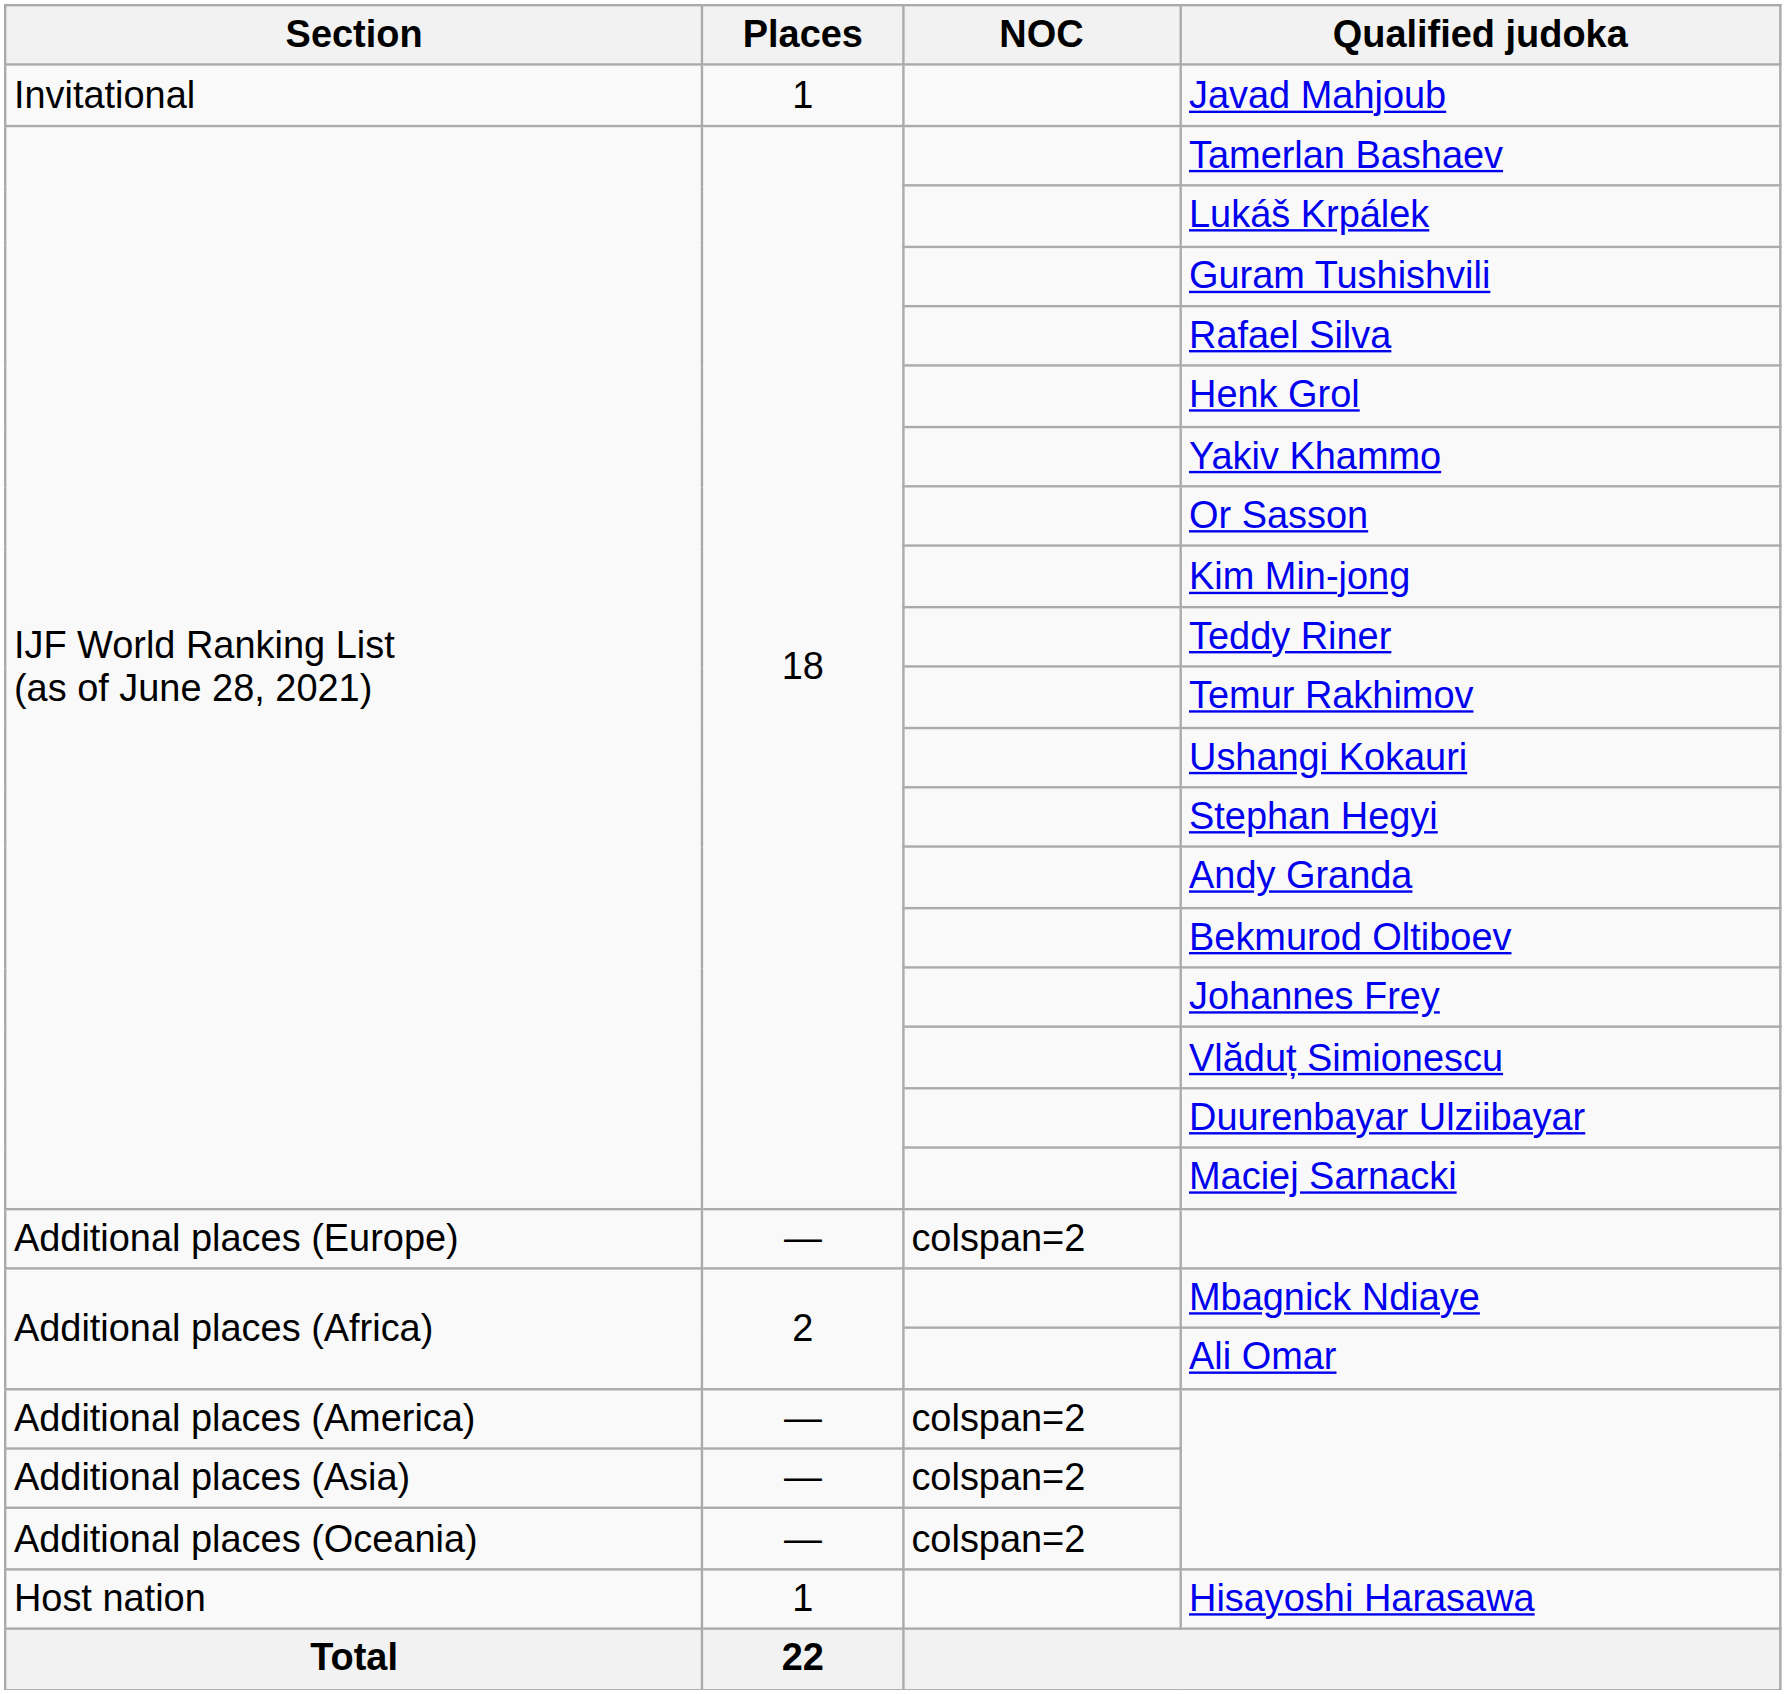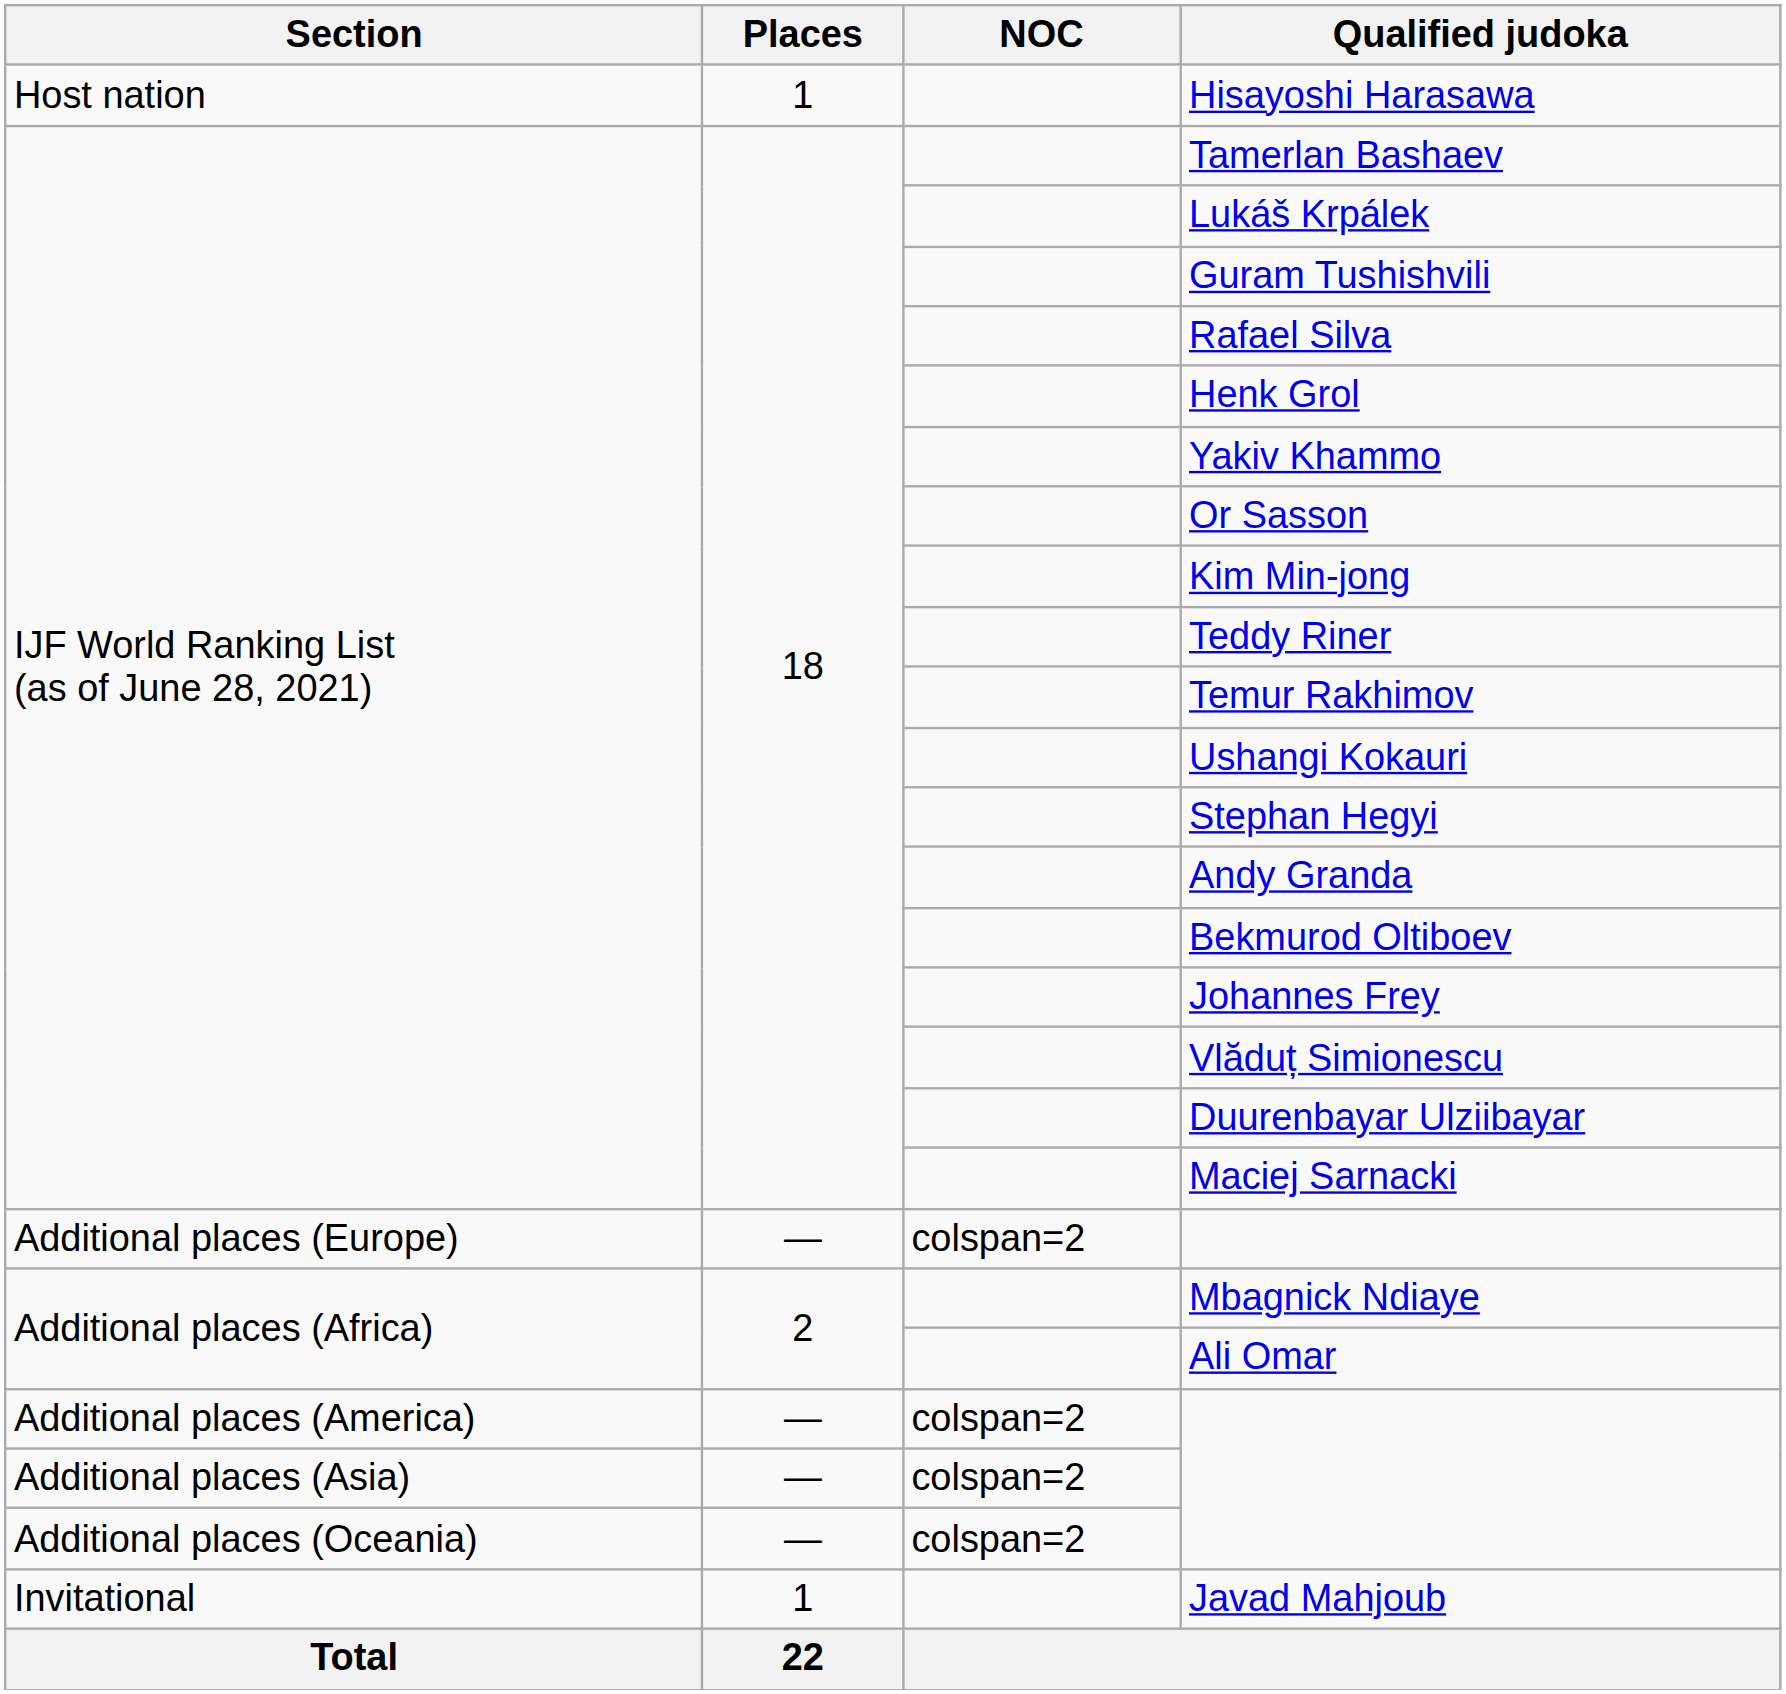 <table class="wikitable"  width=750>
 <tr>
 <th>Section</th>
 <th>Places</th>
 <th>NOC</th>
 <th>Qualified judoka</th>
 </tr>
 <tr>
-<td rowspan=1>Invitational</td>
-<td rowspan=1 align=center>1</td>
+<td>Host nation</td>
+<td align=center>1</td>
 <td></td>
-<td><a href='#'>Javad Mahjoub</a></td>
+<td><a href='#'>Hisayoshi Harasawa</a></td>
 </tr>
 <tr>
 <td rowspan=18>IJF World Ranking List<br>(as of June 28, 2021)</td>
 <td rowspan=18 align=center>18</td>
 <td></td>
 <td><a href='#'>Tamerlan Bashaev</a></td>
 </tr>
 <tr>
 <td></td>
 <td><a href='#'>Lukáš Krpálek</a></td>
 </tr>
 <tr>
 <td></td>
 <td><a href='#'>Guram Tushishvili</a></td>
 </tr>
 <tr>
 <td></td>
 <td><a href='#'>Rafael Silva</a></td>
 </tr>
 <tr>
 <td></td>
 <td><a href='#'>Henk Grol</a></td>
 </tr>
 <tr>
 <td></td>
 <td><a href='#'>Yakiv Khammo</a></td>
 </tr>
 <tr>
 <td></td>
 <td><a href='#'>Or Sasson</a></td>
 </tr>
 <tr>
 <td></td>
 <td><a href='#'>Kim Min-jong</a></td>
 </tr>
 <tr>
 <td></td>
 <td><a href='#'>Teddy Riner</a></td>
 </tr>
 <tr>
 <td></td>
 <td><a href='#'>Temur Rakhimov</a></td>
 </tr>
 <tr>
 <td></td>
 <td><a href='#'>Ushangi Kokauri</a></td>
 </tr>
 <tr>
 <td></td>
 <td><a href='#'>Stephan Hegyi</a></td>
 </tr>
 <tr>
 <td></td>
 <td><a href='#'>Andy Granda</a></td>
 </tr>
 <tr>
 <td></td>
 <td><a href='#'>Bekmurod Oltiboev</a></td>
 </tr>
 <tr>
 <td></td>
 <td><a href='#'>Johannes Frey</a></td>
 </tr>
 <tr>
 <td></td>
 <td><a href='#'>Vlăduț Simionescu</a></td>
 </tr>
 <tr>
 <td></td>
 <td><a href='#'>Duurenbayar Ulziibayar</a></td>
 </tr>
 <tr>
 <td></td>
 <td><a href='#'>Maciej Sarnacki</a></td>
 </tr>
 <tr>
 <td>Additional places (Europe)</td>
 <td align=center>—</td>
 <td>colspan=2 </td>
 </tr>
 <tr>
 <td rowspan=2>Additional places (Africa)</td>
 <td rowspan=2 align=center>2</td>
 <td></td>
 <td><a href='#'>Mbagnick Ndiaye</a></td>
 </tr>
 <tr>
 <td></td>
 <td><a href='#'>Ali Omar</a></td>
 </tr>
 <tr>
 <td>Additional places (America)</td>
 <td align=center>—</td>
 <td>colspan=2 </td>
 </tr>
 <tr>
 <td>Additional places (Asia)</td>
 <td align=center>—</td>
 <td>colspan=2 </td>
 </tr>
 <tr>
 <td>Additional places (Oceania)</td>
 <td align=center>—</td>
 <td>colspan=2 </td>
 </tr>
 <tr>
-<td>Host nation</td>
-<td align=center>1</td>
+<td rowspan=1>Invitational</td>
+<td rowspan=1 align=center>1</td>
 <td></td>
-<td><a href='#'>Hisayoshi Harasawa</a></td>
+<td><a href='#'>Javad Mahjoub</a></td>
 </tr>
 <tr>
 <th>Total</th>
 <th>22</th>
 <th colspan=2></th>
 </tr>
 </table>
